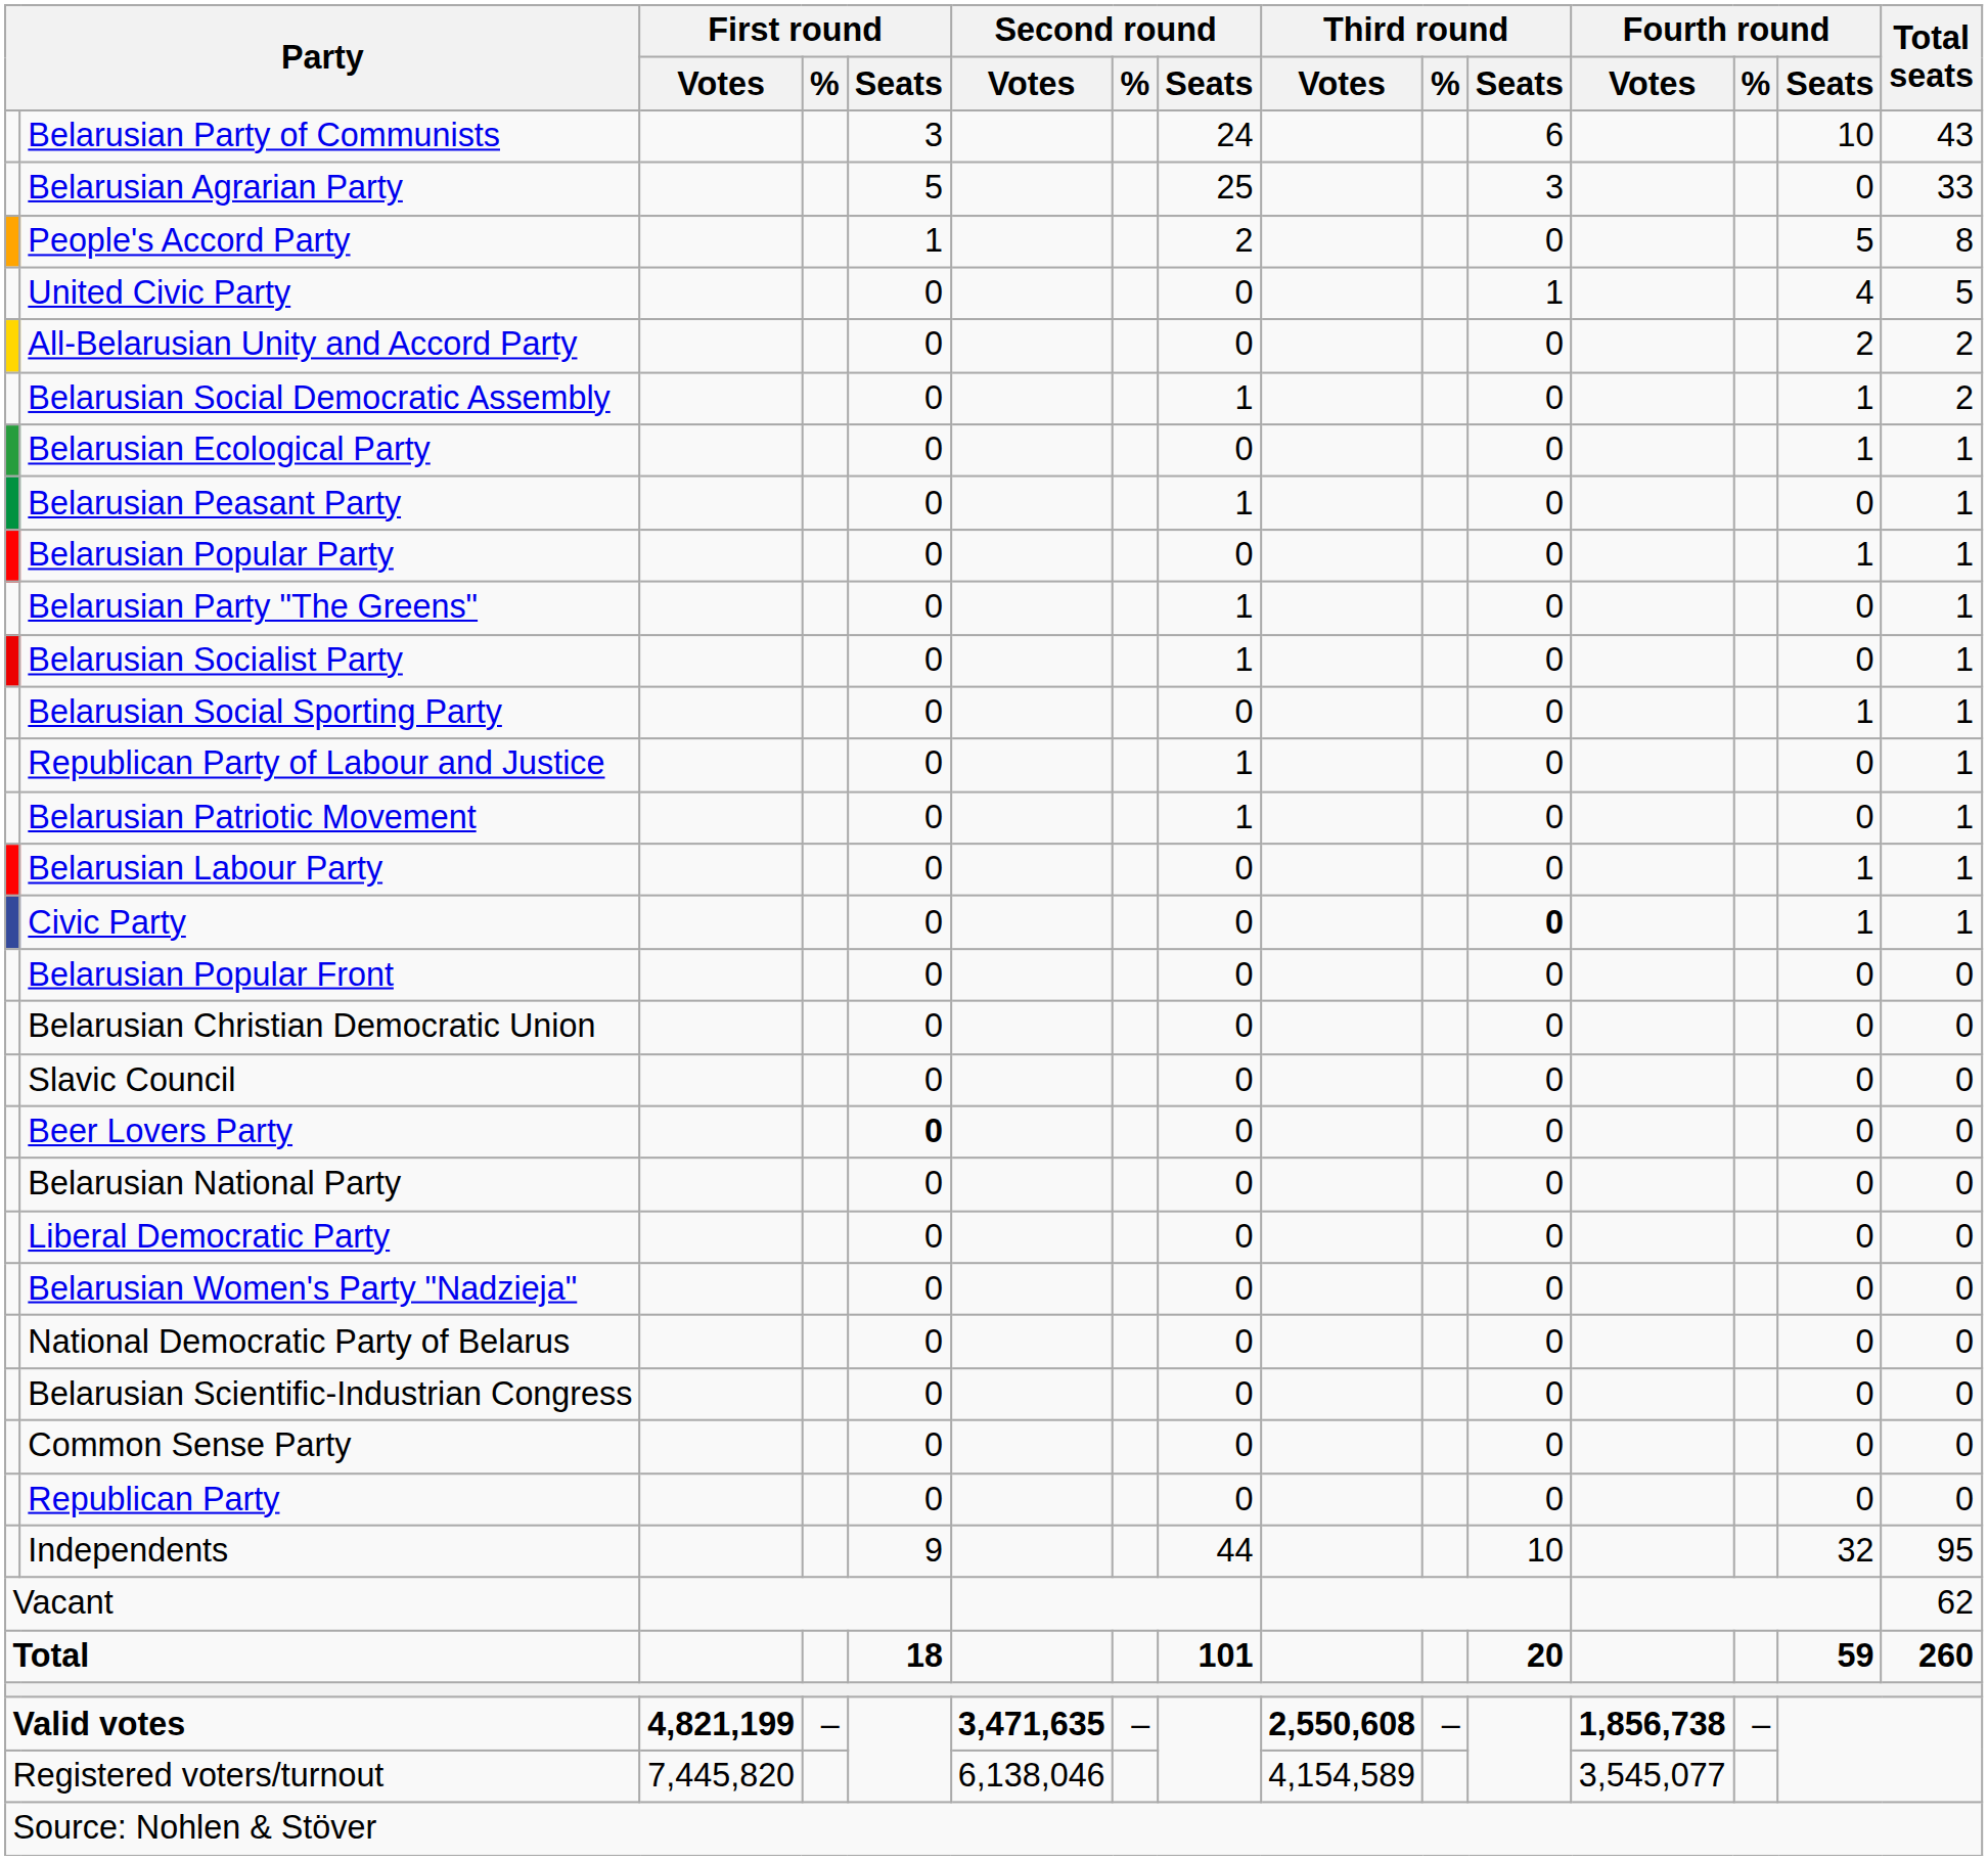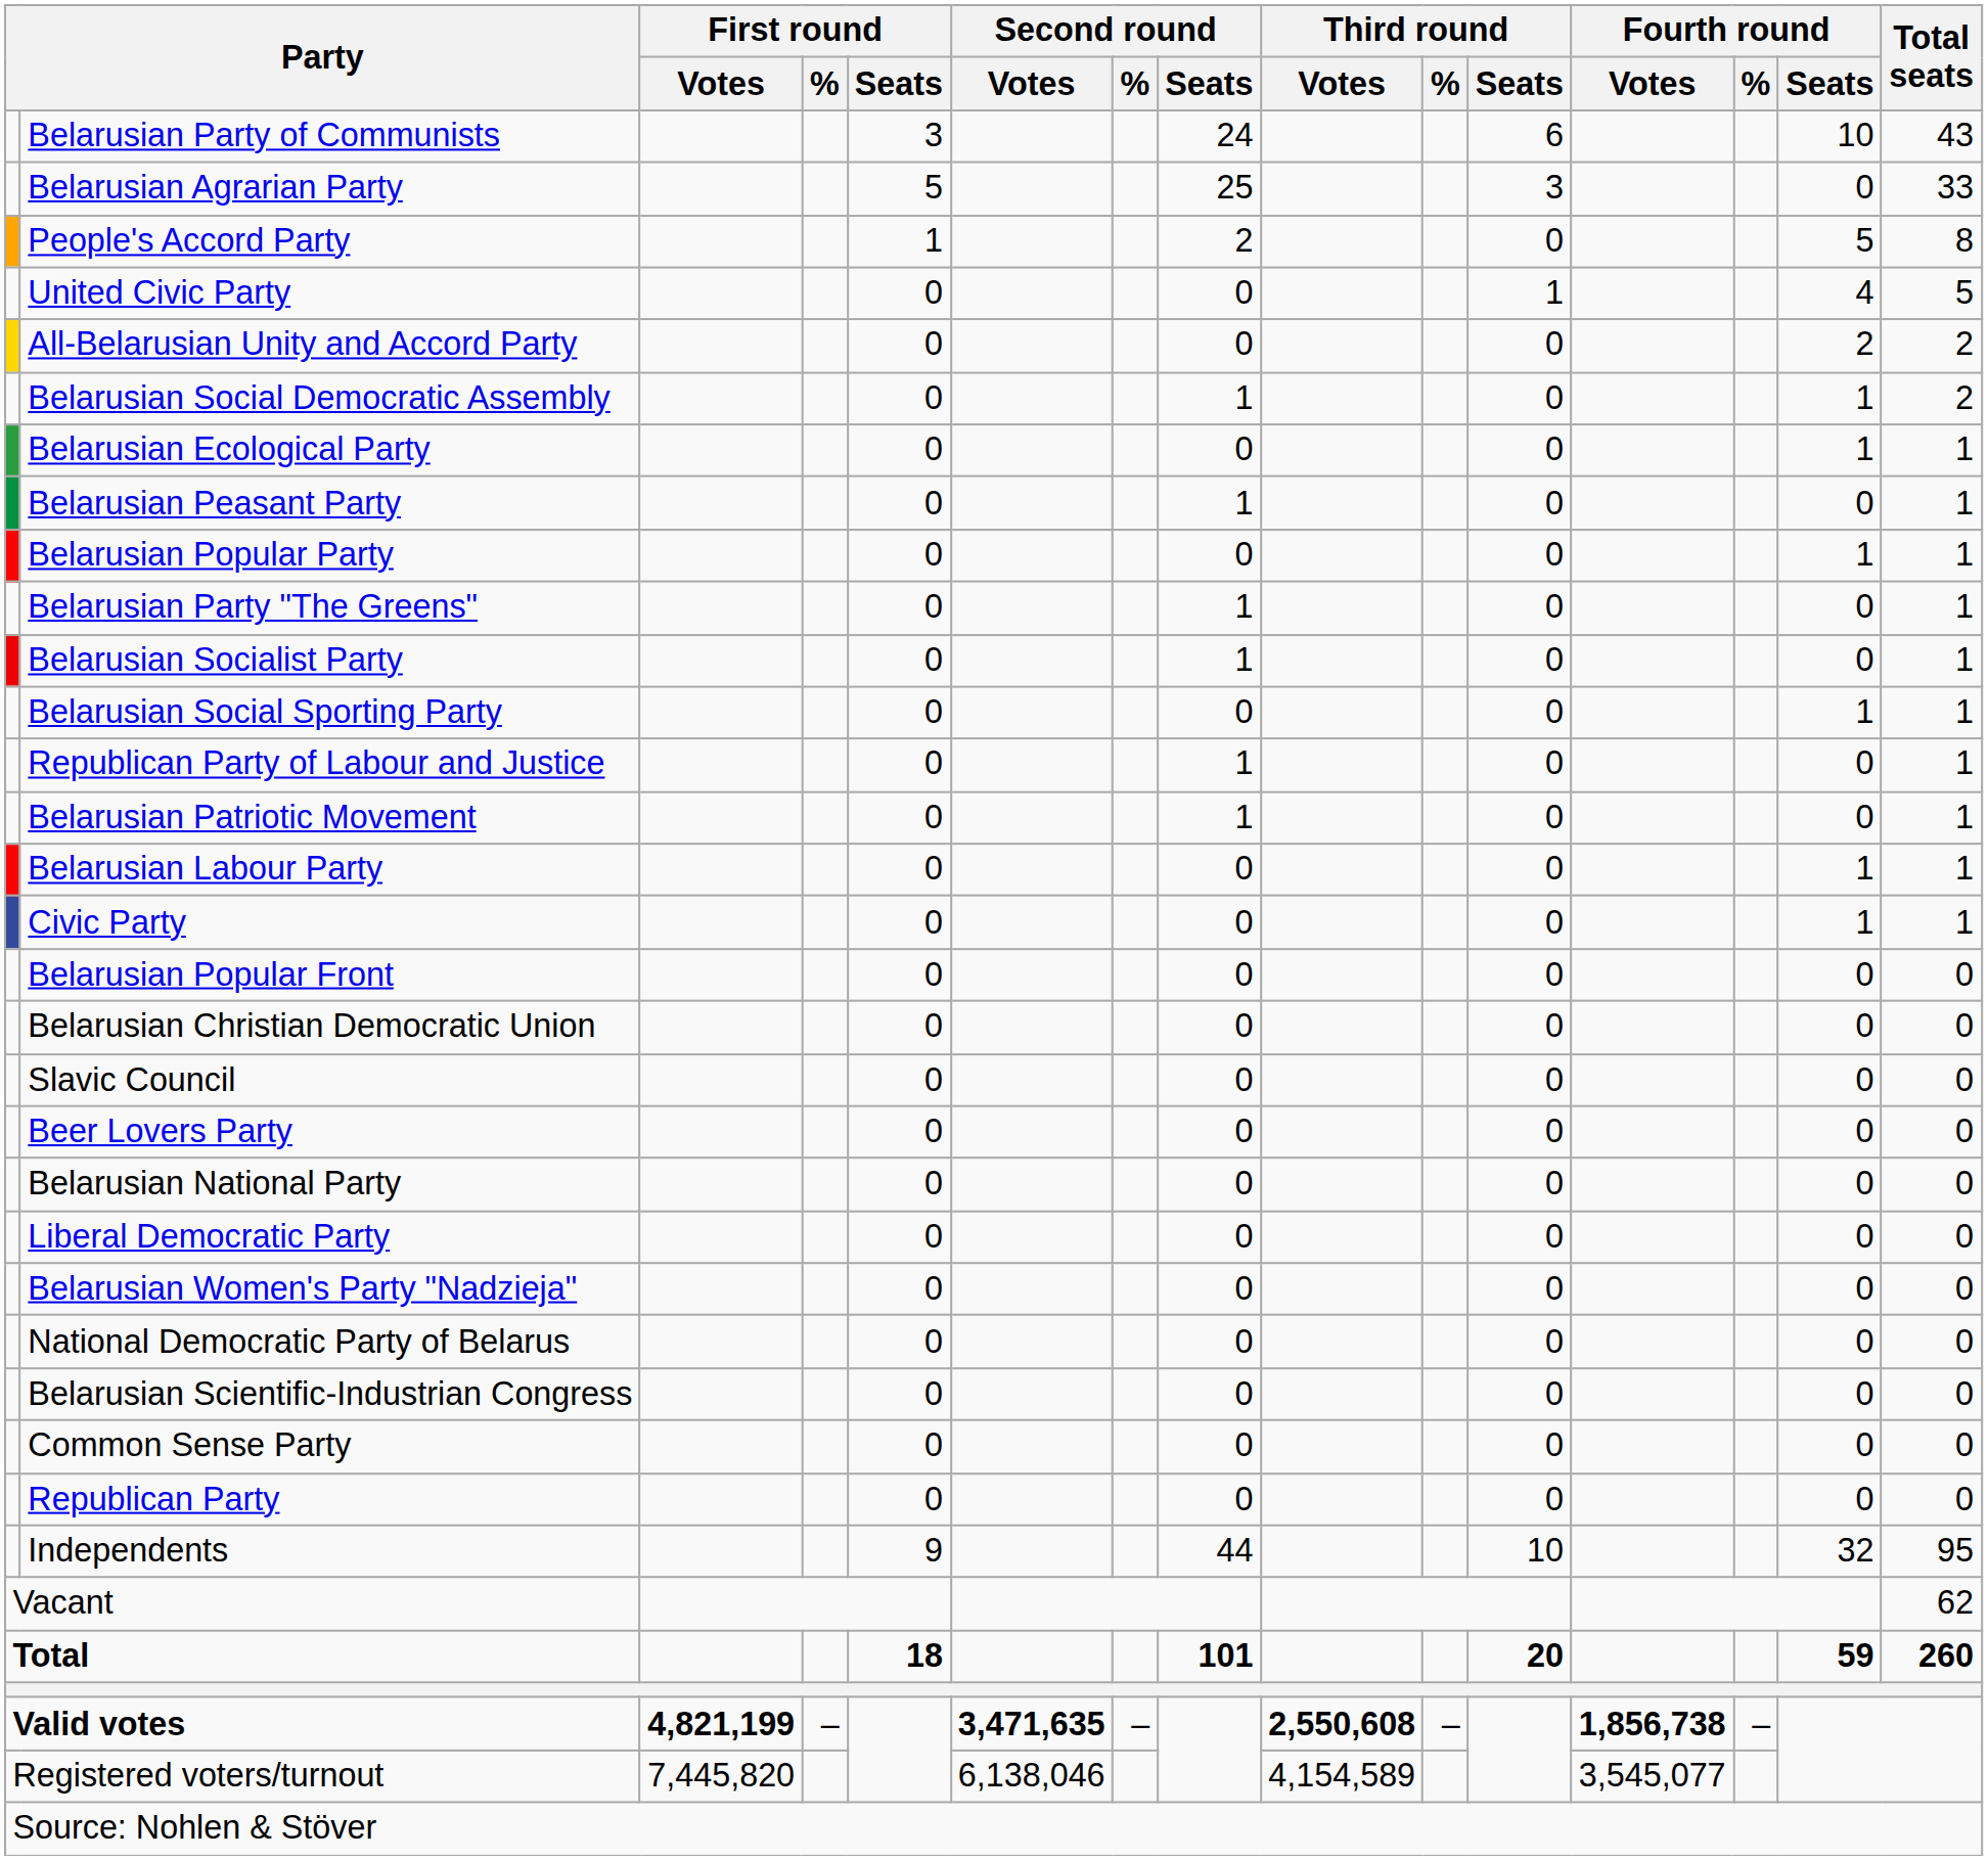 <table class="wikitable sortable" style=text-align:right>
 <tr>
 <th rowspan=2 colspan=2>Party</th>
 <th colspan=3>First round</th>
 <th colspan=3>Second round</th>
 <th colspan=3>Third round</th>
 <th colspan=3>Fourth round</th>
 <th rowspan=2>Total<br>seats</th>
 </tr>
 <tr>
 <th>Votes</th>
 <th>%</th>
 <th>Seats</th>
 <th>Votes</th>
 <th>%</th>
 <th>Seats</th>
 <th>Votes</th>
 <th>%</th>
 <th>Seats</th>
 <th>Votes</th>
 <th>%</th>
 <th>Seats</th>
 </tr>
 <tr>
 <td bgcolor=></td>
 <td align=left><a href='#'>Belarusian Party of Communists</a></td>
 <td></td>
 <td></td>
 <td>3</td>
 <td></td>
 <td></td>
 <td>24</td>
 <td></td>
 <td></td>
 <td>6</td>
 <td></td>
 <td></td>
 <td>10</td>
 <td>43</td>
 </tr>
 <tr>
 <td bgcolor=></td>
 <td align=left><a href='#'>Belarusian Agrarian Party</a></td>
 <td></td>
 <td></td>
 <td>5</td>
 <td></td>
 <td></td>
 <td>25</td>
 <td></td>
 <td></td>
 <td>3</td>
 <td></td>
 <td></td>
 <td>0</td>
 <td>33</td>
 </tr>
 <tr>
 <td bgcolor=#FFA500></td>
 <td align=left><a href='#'>People's Accord Party</a></td>
 <td></td>
 <td></td>
 <td>1</td>
 <td></td>
 <td></td>
 <td>2</td>
 <td></td>
 <td></td>
 <td>0</td>
 <td></td>
 <td></td>
 <td>5</td>
 <td>8</td>
 </tr>
 <tr>
 <td bgcolor=></td>
 <td align=left><a href='#'>United Civic Party</a></td>
 <td></td>
 <td></td>
 <td>0</td>
 <td></td>
 <td></td>
 <td>0</td>
 <td></td>
 <td></td>
 <td>1</td>
 <td></td>
 <td></td>
 <td>4</td>
 <td>5</td>
 </tr>
 <tr>
 <td bgcolor=#FFD700></td>
 <td align=left><a href='#'>All-Belarusian Unity and Accord Party</a></td>
 <td></td>
 <td></td>
 <td>0</td>
 <td></td>
 <td></td>
 <td>0</td>
 <td></td>
 <td></td>
 <td>0</td>
 <td></td>
 <td></td>
 <td>2</td>
 <td>2</td>
 </tr>
 <tr>
 <td bgcolor=></td>
 <td align=left><a href='#'>Belarusian Social Democratic Assembly</a></td>
 <td></td>
 <td></td>
 <td>0</td>
 <td></td>
 <td></td>
 <td>1</td>
 <td></td>
 <td></td>
 <td>0</td>
 <td></td>
 <td></td>
 <td>1</td>
 <td>2</td>
 </tr>
 <tr>
 <td bgcolor=#279D3D></td>
 <td align=left><a href='#'>Belarusian Ecological Party</a></td>
 <td></td>
 <td></td>
 <td>0</td>
 <td></td>
 <td></td>
 <td>0</td>
 <td></td>
 <td></td>
 <td>0</td>
 <td></td>
 <td></td>
 <td>1</td>
 <td>1</td>
 </tr>
 <tr>
 <td bgcolor=#009240></td>
 <td align=left><a href='#'>Belarusian Peasant Party</a></td>
 <td></td>
 <td></td>
 <td>0</td>
 <td></td>
 <td></td>
 <td>1</td>
 <td></td>
 <td></td>
 <td>0</td>
 <td></td>
 <td></td>
 <td>0</td>
 <td>1</td>
 </tr>
 <tr>
 <td bgcolor=red></td>
 <td align=left><a href='#'>Belarusian Popular Party</a></td>
 <td></td>
 <td></td>
 <td>0</td>
 <td></td>
 <td></td>
 <td>0</td>
 <td></td>
 <td></td>
 <td>0</td>
 <td></td>
 <td></td>
 <td>1</td>
 <td>1</td>
 </tr>
 <tr>
 <td bgcolor=></td>
 <td align=left><a href='#'>Belarusian Party "The Greens"</a></td>
 <td></td>
 <td></td>
 <td>0</td>
 <td></td>
 <td></td>
 <td>1</td>
 <td></td>
 <td></td>
 <td>0</td>
 <td></td>
 <td></td>
 <td>0</td>
 <td>1</td>
 </tr>
 <tr>
 <td bgcolor=#EC0000></td>
 <td align=left><a href='#'>Belarusian Socialist Party</a></td>
 <td></td>
 <td></td>
 <td>0</td>
 <td></td>
 <td></td>
 <td>1</td>
 <td></td>
 <td></td>
 <td>0</td>
 <td></td>
 <td></td>
 <td>0</td>
 <td>1</td>
 </tr>
 <tr>
 <td bgcolor=></td>
 <td align=left><a href='#'>Belarusian Social Sporting Party</a></td>
 <td></td>
 <td></td>
 <td>0</td>
 <td></td>
 <td></td>
 <td>0</td>
 <td></td>
 <td></td>
 <td>0</td>
 <td></td>
 <td></td>
 <td>1</td>
 <td>1</td>
 </tr>
 <tr>
 <td bgcolor=></td>
 <td align=left><a href='#'>Republican Party of Labour and Justice</a></td>
 <td></td>
 <td></td>
 <td>0</td>
 <td></td>
 <td></td>
 <td>1</td>
 <td></td>
 <td></td>
 <td>0</td>
 <td></td>
 <td></td>
 <td>0</td>
 <td>1</td>
 </tr>
 <tr>
 <td bgcolor=></td>
 <td align=left><a href='#'>Belarusian Patriotic Movement</a></td>
 <td></td>
 <td></td>
 <td>0</td>
 <td></td>
 <td></td>
 <td>1</td>
 <td></td>
 <td></td>
 <td>0</td>
 <td></td>
 <td></td>
 <td>0</td>
 <td>1</td>
 </tr>
 <tr>
 <td bgcolor=red></td>
 <td align=left><a href='#'>Belarusian Labour Party</a></td>
 <td></td>
 <td></td>
 <td>0</td>
 <td></td>
 <td></td>
 <td>0</td>
 <td></td>
 <td></td>
 <td>0</td>
 <td></td>
 <td></td>
 <td>1</td>
 <td>1</td>
 </tr>
 <tr>
 <td bgcolor=#33499B></td>
 <td align=left><a href='#'>Civic Party</a></td>
 <td></td>
 <td></td>
 <td>0</td>
 <td></td>
 <td></td>
 <td>0</td>
 <td></td>
 <td></td>
-<td><strong>0</strong></td>
+<td>0</td>
 <td></td>
 <td></td>
 <td>1</td>
 <td>1</td>
 </tr>
 <tr>
 <td bgcolor=></td>
 <td align=left><a href='#'>Belarusian Popular Front</a></td>
 <td></td>
 <td></td>
 <td>0</td>
 <td></td>
 <td></td>
 <td>0</td>
 <td></td>
 <td></td>
 <td>0</td>
 <td></td>
 <td></td>
 <td>0</td>
 <td>0</td>
 </tr>
 <tr>
 <td bgcolor=></td>
 <td align=left>Belarusian Christian Democratic Union</td>
 <td></td>
 <td></td>
 <td>0</td>
 <td></td>
 <td></td>
 <td>0</td>
 <td></td>
 <td></td>
 <td>0</td>
 <td></td>
 <td></td>
 <td>0</td>
 <td>0</td>
 </tr>
 <tr>
 <td bgcolor=></td>
 <td align=left>Slavic Council</td>
 <td></td>
 <td></td>
 <td>0</td>
 <td></td>
 <td></td>
 <td>0</td>
 <td></td>
 <td></td>
 <td>0</td>
 <td></td>
 <td></td>
 <td>0</td>
 <td>0</td>
 </tr>
 <tr>
 <td bgcolor=></td>
 <td align=left><a href='#'>Beer Lovers Party</a></td>
 <td></td>
 <td></td>
-<td><strong>0</strong></td>
+<td>0</td>
 <td></td>
 <td></td>
 <td>0</td>
 <td></td>
 <td></td>
 <td>0</td>
 <td></td>
 <td></td>
 <td>0</td>
 <td>0</td>
 </tr>
 <tr>
 <td bgcolor=></td>
 <td align=left>Belarusian National Party</td>
 <td></td>
 <td></td>
 <td>0</td>
 <td></td>
 <td></td>
 <td>0</td>
 <td></td>
 <td></td>
 <td>0</td>
 <td></td>
 <td></td>
 <td>0</td>
 <td>0</td>
 </tr>
 <tr>
 <td bgcolor=></td>
 <td align=left><a href='#'>Liberal Democratic Party</a></td>
 <td></td>
 <td></td>
 <td>0</td>
 <td></td>
 <td></td>
 <td>0</td>
 <td></td>
 <td></td>
 <td>0</td>
 <td></td>
 <td></td>
 <td>0</td>
 <td>0</td>
 </tr>
 <tr>
 <td bgcolor=></td>
 <td align=left><a href='#'>Belarusian Women's Party "Nadzieja"</a></td>
 <td></td>
 <td></td>
 <td>0</td>
 <td></td>
 <td></td>
 <td>0</td>
 <td></td>
 <td></td>
 <td>0</td>
 <td></td>
 <td></td>
 <td>0</td>
 <td>0</td>
 </tr>
 <tr>
 <td bgcolor=></td>
 <td align=left>National Democratic Party of Belarus</td>
 <td></td>
 <td></td>
 <td>0</td>
 <td></td>
 <td></td>
 <td>0</td>
 <td></td>
 <td></td>
 <td>0</td>
 <td></td>
 <td></td>
 <td>0</td>
 <td>0</td>
 </tr>
 <tr>
 <td bgcolor=></td>
 <td align=left>Belarusian Scientific-Industrian Congress</td>
 <td></td>
 <td></td>
 <td>0</td>
 <td></td>
 <td></td>
 <td>0</td>
 <td></td>
 <td></td>
 <td>0</td>
 <td></td>
 <td></td>
 <td>0</td>
 <td>0</td>
 </tr>
 <tr>
 <td bgcolor=></td>
 <td align=left>Common Sense Party</td>
 <td></td>
 <td></td>
 <td>0</td>
 <td></td>
 <td></td>
 <td>0</td>
 <td></td>
 <td></td>
 <td>0</td>
 <td></td>
 <td></td>
 <td>0</td>
 <td>0</td>
 </tr>
 <tr>
 <td bgcolor=></td>
 <td align=left><a href='#'>Republican Party</a></td>
 <td></td>
 <td></td>
 <td>0</td>
 <td></td>
 <td></td>
 <td>0</td>
 <td></td>
 <td></td>
 <td>0</td>
 <td></td>
 <td></td>
 <td>0</td>
 <td>0</td>
 </tr>
 <tr>
 <td bgcolor=></td>
 <td align=left>Independents</td>
 <td></td>
 <td></td>
 <td>9</td>
 <td></td>
 <td></td>
 <td>44</td>
 <td></td>
 <td></td>
 <td>10</td>
 <td></td>
 <td></td>
 <td>32</td>
 <td>95</td>
 </tr>
 <tr>
 <td align=left colspan=2>Vacant</td>
 <td colspan=3></td>
 <td colspan=3></td>
 <td colspan=3></td>
 <td colspan=3></td>
 <td>62</td>
 </tr>
 <tr class=sortbottom>
 <td align=left colspan=2><strong>Total</strong></td>
 <td></td>
 <td></td>
 <td><strong>18</strong></td>
 <td></td>
 <td></td>
 <td><strong>101</strong></td>
 <td></td>
 <td></td>
 <td><strong>20</strong></td>
 <td></td>
 <td></td>
 <td><strong>59</strong></td>
 <td><strong>260</strong></td>
 </tr>
 <tr class=sortbottom>
 <th colspan=15></th>
 </tr>
 <tr class=sortbottom>
 <td align=left colspan=2><strong>Valid votes</strong></td>
 <td><strong>4,821,199</strong></td>
 <td>–</td>
 <td rowspan=2></td>
 <td><strong>3,471,635</strong></td>
 <td>–</td>
 <td rowspan=2></td>
 <td><strong>2,550,608</strong></td>
 <td>–</td>
 <td rowspan=2></td>
 <td><strong>1,856,738</strong></td>
 <td>–</td>
 <td rowspan=2 colspan=2></td>
 </tr>
 <tr class=sortbottom>
 <td align=left colspan=2>Registered voters/turnout</td>
 <td>7,445,820</td>
 <td></td>
 <td>6,138,046</td>
 <td></td>
 <td>4,154,589</td>
 <td></td>
 <td>3,545,077</td>
 <td></td>
 </tr>
 <tr class=sortbottom>
 <td colspan=15 align=left>Source: Nohlen & Stöver</td>
 </tr>
 </table>
